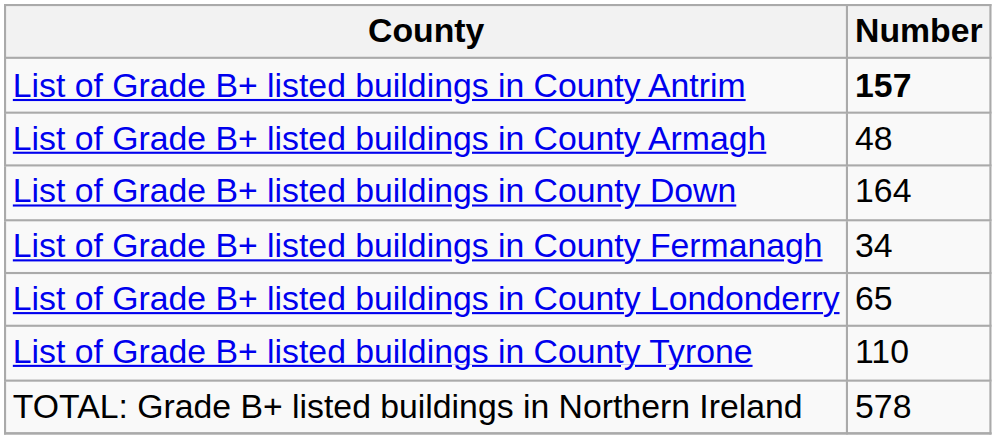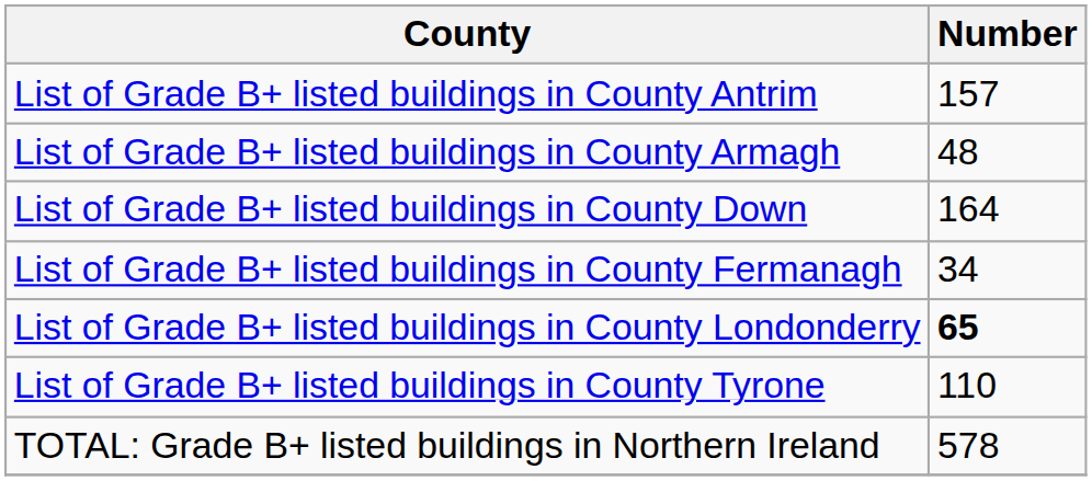 <table class="wikitable sortable">
 <tr>
 <th><strong>County</strong></th>
 <th><strong>Number</strong></th>
 </tr>
 <tr ->
 <td><a href='#'>List of Grade B+ listed buildings in County Antrim</a></td>
-<td><strong>157</strong></td>
+<td>157</td>
 </tr>
 <tr ->
 <td><a href='#'>List of Grade B+ listed buildings in County Armagh</a></td>
 <td>48</td>
 </tr>
 <tr ->
 <td><a href='#'>List of Grade B+ listed buildings in County Down</a></td>
 <td>164</td>
 </tr>
 <tr ->
 <td><a href='#'>List of Grade B+ listed buildings in County Fermanagh</a></td>
 <td>34</td>
 </tr>
 <tr ->
 <td><a href='#'>List of Grade B+ listed buildings in County Londonderry</a></td>
-<td>65</td>
+<td><strong>65</strong></td>
 </tr>
 <tr ->
 <td><a href='#'>List of Grade B+ listed buildings in County Tyrone</a></td>
 <td>110</td>
 </tr>
 <tr -class=sortbottom>
 <td>TOTAL: Grade B+ listed buildings in Northern Ireland</td>
 <td>578</td>
 </tr>
 <tr ->
 </tr>
 </table>
